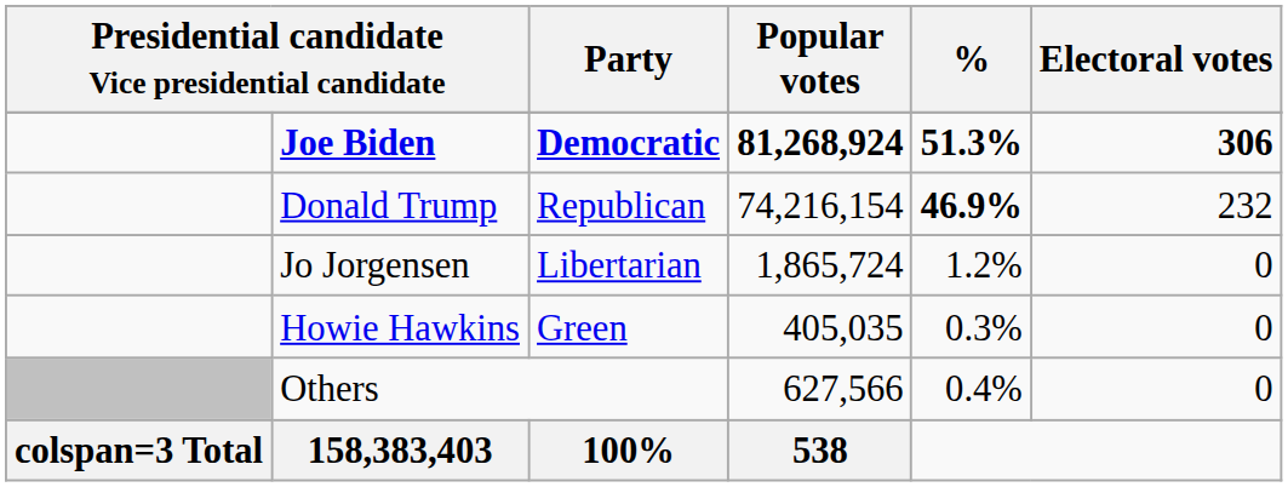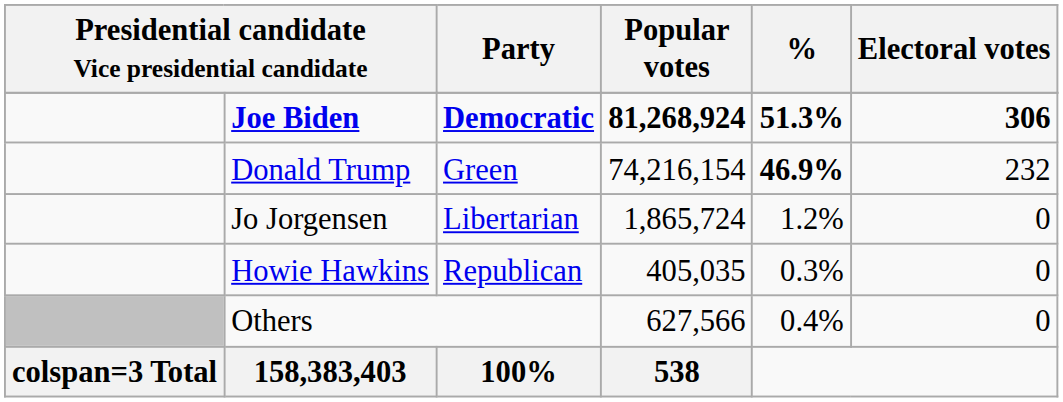 <table class="wikitable" style="text-align:right; line-height:1.2">
 <tr>
 <th colspan=2>Presidential candidate<br><small>Vice presidential candidate</small></th>
 <th>Party</th>
 <th>Popular<br>votes</th>
 <th>%</th>
 <th>Electoral votes</th>
 </tr>
 <tr>
 </tr>
 <tr style=font-weight:bold>
 <td style=background:></td>
 <td align=left><a href='#'>Joe Biden</a><br></td>
 <td align=left><a href='#'>Democratic</a></td>
 <td>81,268,924</td>
 <td>51.3%</td>
 <td>306</td>
 </tr>
 <tr>
 <td style=background-color:></td>
 <td align=left><a href='#'>Donald Trump</a> <br></td>
-<td align=left><a href='#'>Republican</a></td>
+<td align=left><a href='#'>Green</a></td>
 <td>74,216,154</td>
 <td><strong>46.9%</strong></td>
 <td>232</td>
 </tr>
 <tr>
 <td style=background:></td>
 <td align=left>Jo Jorgensen<br></td>
 <td align=left><a href='#'>Libertarian</a></td>
 <td>1,865,724</td>
 <td>1.2%</td>
 <td>0</td>
 </tr>
 <tr>
 <td style=background:></td>
 <td align=left><a href='#'>Howie Hawkins</a><br></td>
-<td align=left><a href='#'>Green</a></td>
+<td align=left><a href='#'>Republican</a></td>
 <td>405,035</td>
 <td>0.3%</td>
 <td>0</td>
 </tr>
 <tr>
 <td bgcolor=#C0C0C0></td>
 <td colspan=2 align=left>Others</td>
 <td>627,566</td>
 <td>0.4%</td>
 <td>0</td>
 </tr>
 <tr>
 <th>colspan=3  Total</th>
 <th> 158,383,403</th>
 <th> 100%</th>
 <th> 538</th>
 </tr>
 </table>
